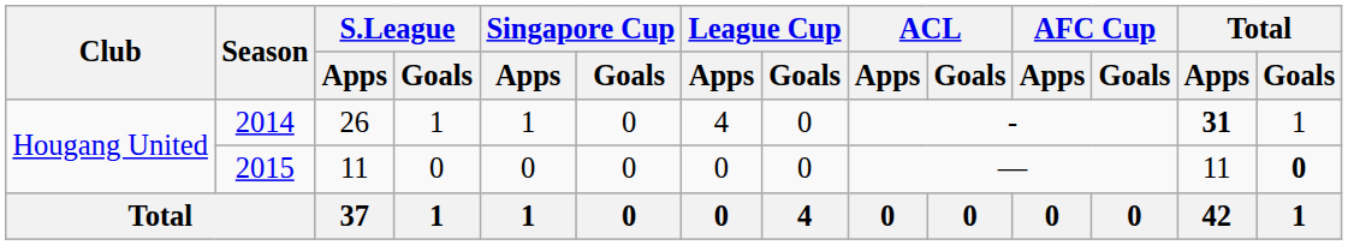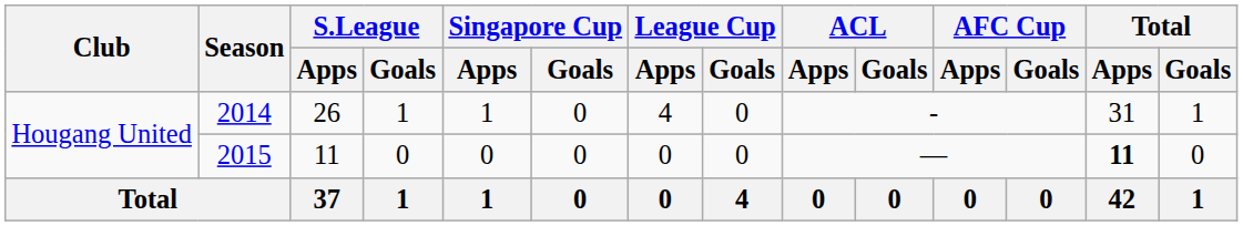 <table class="wikitable" style="text-align:center">
 <tr>
 <th rowspan="2">Club</th>
 <th rowspan="2">Season</th>
 <th colspan="2"><a href='#'>S.League</a></th>
 <th colspan="2"><a href='#'>Singapore Cup</a></th>
 <th colspan="2"><a href='#'>League Cup</a></th>
 <th colspan="2"><a href='#'>ACL</a></th>
 <th colspan="2"><a href='#'>AFC Cup</a></th>
 <th colspan="2">Total</th>
 </tr>
 <tr>
 <th>Apps</th>
 <th>Goals</th>
 <th>Apps</th>
 <th>Goals</th>
 <th>Apps</th>
 <th>Goals</th>
 <th>Apps</th>
 <th>Goals</th>
 <th>Apps</th>
 <th>Goals</th>
 <th>Apps</th>
 <th>Goals</th>
 </tr>
 <tr>
 <td rowspan="2"><a href='#'>Hougang United</a></td>
 <td><a href='#'>2014</a></td>
 <td>26</td>
 <td>1</td>
 <td>1</td>
 <td>0</td>
 <td>4</td>
 <td>0</td>
 <td colspan="4">-</td>
-<td><strong>31</strong></td>
+<td>31</td>
 <td>1</td>
 </tr>
 <tr>
 <td><a href='#'>2015</a></td>
 <td>11</td>
 <td>0</td>
 <td>0</td>
 <td>0</td>
 <td>0</td>
 <td>0</td>
 <td colspan="4">—</td>
-<td>11</td>
-<td><strong>0</strong></td>
+<td><strong>11</strong></td>
+<td>0</td>
 </tr>
 <tr>
 <th colspan="2">Total</th>
 <th>37</th>
 <th>1</th>
 <th>1</th>
 <th>0</th>
 <th>0</th>
 <th>4</th>
 <th>0</th>
 <th>0</th>
 <th>0</th>
 <th>0</th>
 <th>42</th>
 <th>1</th>
 </tr>
 </table>
